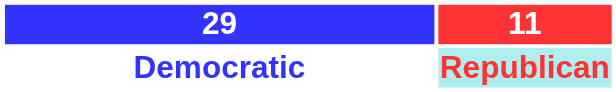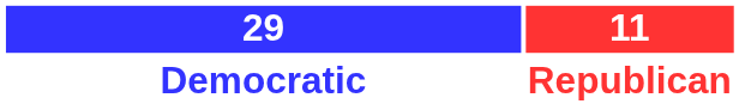 <table style="width:50%">
 <tr>
 <td colspan="3" scope="row" style="text-align:center"></td>
 </tr>
 <tr>
 <td scope="row" style="background:#33F; width:72.5%; text-align:center; color:white"><strong>29</strong></td>
 <td style="background:#F33; width:25%; text-align:center; color:white"><strong>11</strong></td>
 </tr>
 <tr>
 <td scope="row" style="text-align:center; color:#33F"><strong>Democratic</strong></td>
-<td style="background: paleturquoise; text-align:center; color:#F33"><strong>Republican</strong></td>
+<td style="text-align:center; color:#F33"><strong>Republican</strong></td>
 </tr>
 </table>
